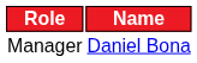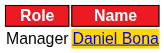 <table class="toccolours">
 <tr>
 <th ! style="background:#ec1b23;color:#FFFFFF;border:1px solid #000000">Role</th>
 <th ! style="background:#ec1b23;color:#FFFFFF;border:1px solid #000000">Name</th>
 </tr>
 <tr>
 <td>Manager</td>
-<td> <a href='#'>Daniel Bona</a></td>
+<td style="background: gold;"> <a href='#'>Daniel Bona</a></td>
 </tr>
 </table>
